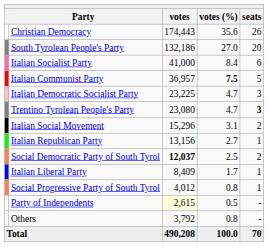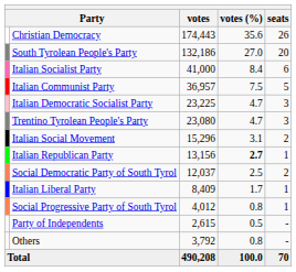 <table class="wikitable" style="font-size:95%; text-align:right;">
 <tr>
 <th colspan=5></th>
 </tr>
 <tr>
 <th colspan=2>Party</th>
 <th>votes</th>
 <th>votes (%)</th>
 <th>seats</th>
 </tr>
 <tr>
 <td bgcolor=White></td>
 <td align=left><a href='#'>Christian Democracy</a></td>
 <td>174,443</td>
 <td>35.6</td>
 <td>26</td>
 </tr>
 <tr>
 <td bgcolor=Gray></td>
 <td align=left><a href='#'>South Tyrolean People's Party</a></td>
 <td>132,186</td>
 <td>27.0</td>
 <td>20</td>
 </tr>
 <tr>
 <td bgcolor=Hotpink></td>
 <td align=left><a href='#'>Italian Socialist Party</a></td>
 <td>41,000</td>
 <td>8.4</td>
 <td>6</td>
 </tr>
 <tr>
 <td bgcolor=Red></td>
 <td align=left><a href='#'>Italian Communist Party</a></td>
 <td>36,957</td>
-<td><strong>7.5</strong></td>
+<td>7.5</td>
 <td>5</td>
 </tr>
 <tr>
 <td bgcolor=Pink></td>
 <td align=left><a href='#'>Italian Democratic Socialist Party</a></td>
 <td>23,225</td>
 <td>4.7</td>
 <td>3</td>
 </tr>
 <tr>
 <td bgcolor=Gray></td>
 <td align=left><a href='#'>Trentino Tyrolean People's Party</a></td>
 <td>23,080</td>
 <td>4.7</td>
-<td><strong>3</strong></td>
+<td>3</td>
 </tr>
 <tr>
 <td bgcolor=Black></td>
 <td align=left><a href='#'>Italian Social Movement</a></td>
 <td>15,296</td>
 <td>3.1</td>
 <td>2</td>
 </tr>
 <tr>
 <td bgcolor=Lime></td>
 <td align=left><a href='#'>Italian Republican Party</a></td>
 <td>13,156</td>
-<td>2.7</td>
+<td><strong>2.7</strong></td>
 <td>1</td>
 </tr>
 <tr>
 <td bgcolor=Coral></td>
 <td align=left><a href='#'>Social Democratic Party of South Tyrol</a></td>
-<td><strong>12,037</strong></td>
+<td>12,037</td>
 <td>2.5</td>
 <td>2</td>
 </tr>
 <tr>
 <td bgcolor=Blue></td>
 <td align=left><a href='#'>Italian Liberal Party</a></td>
 <td>8,409</td>
 <td>1.7</td>
 <td>1</td>
 </tr>
 <tr>
 <td bgcolor=Coral></td>
 <td align=left><a href='#'>Social Progressive Party of South Tyrol</a></td>
 <td>4,012</td>
 <td>0.8</td>
 <td>1</td>
 </tr>
 <tr>
 <td bgcolor=></td>
 <td align=left><a href='#'>Party of Independents</a></td>
-<td style="background: lightyellow;">2,615</td>
+<td>2,615</td>
 <td>0.5</td>
 <td>-</td>
 </tr>
 <tr>
 <td bgcolor=></td>
 <td align=left>Others</td>
 <td>3,792</td>
 <td>0.8</td>
 <td>-</td>
 </tr>
 <tr bgcolor="EFEFEF">
 <td align=left colspan=2><strong>Total</strong></td>
 <td><strong>490,208</strong></td>
 <td><strong>100.0</strong></td>
 <td><strong>70</strong></td>
 </tr>
 </table>
